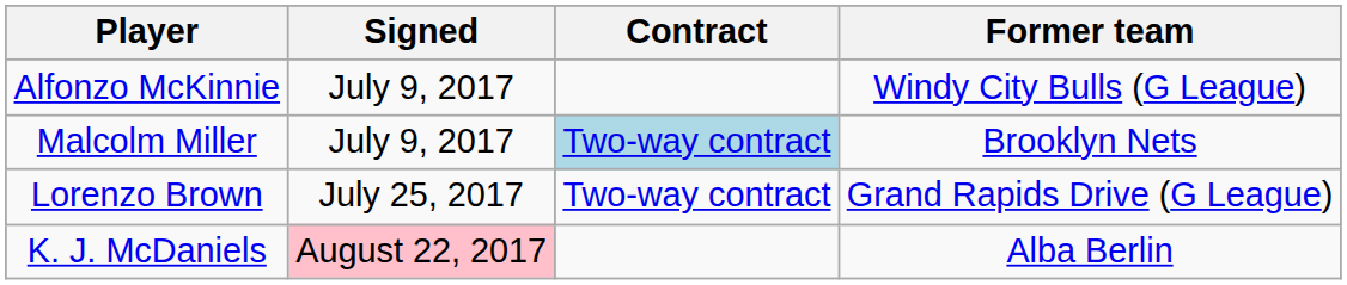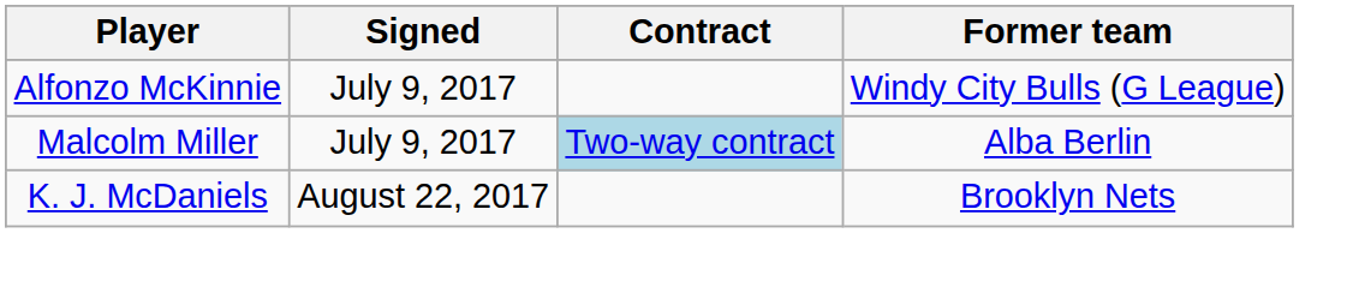 <table class="wikitable sortable sortable" style="text-align: center">
 <tr>
 <th>Player</th>
 <th>Signed</th>
 <th>Contract</th>
 <th>Former team</th>
 </tr>
 <tr>
 <td><a href='#'>Alfonzo McKinnie</a></td>
 <td>July 9, 2017</td>
 <td></td>
 <td><a href='#'>Windy City Bulls</a> (<a href='#'>G League</a>)</td>
 </tr>
 <tr>
 <td><a href='#'>Malcolm Miller</a></td>
 <td>July 9, 2017</td>
 <td style="background: lightblue;"><a href='#'>Two-way contract</a></td>
-<td><a href='#'>Brooklyn Nets</a></td>
-</tr>
-<tr>
-<td><a href='#'>Lorenzo Brown</a></td>
-<td>July 25, 2017</td>
-<td><a href='#'>Two-way contract</a></td>
-<td><a href='#'>Grand Rapids Drive</a> (<a href='#'>G League</a>)</td>
+<td> <a href='#'>Alba Berlin</a></td>
 </tr>
 <tr>
 <td><a href='#'>K. J. McDaniels</a></td>
-<td style="background: pink;">August 22, 2017</td>
+<td>August 22, 2017</td>
 <td></td>
-<td> <a href='#'>Alba Berlin</a></td>
+<td><a href='#'>Brooklyn Nets</a></td>
 </tr>
 </table>
